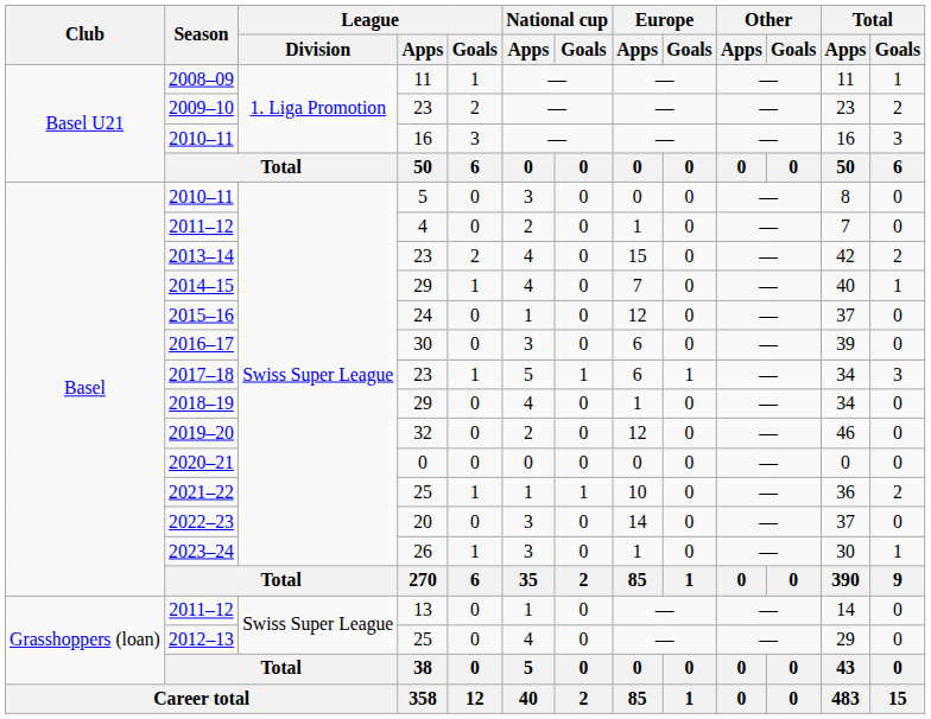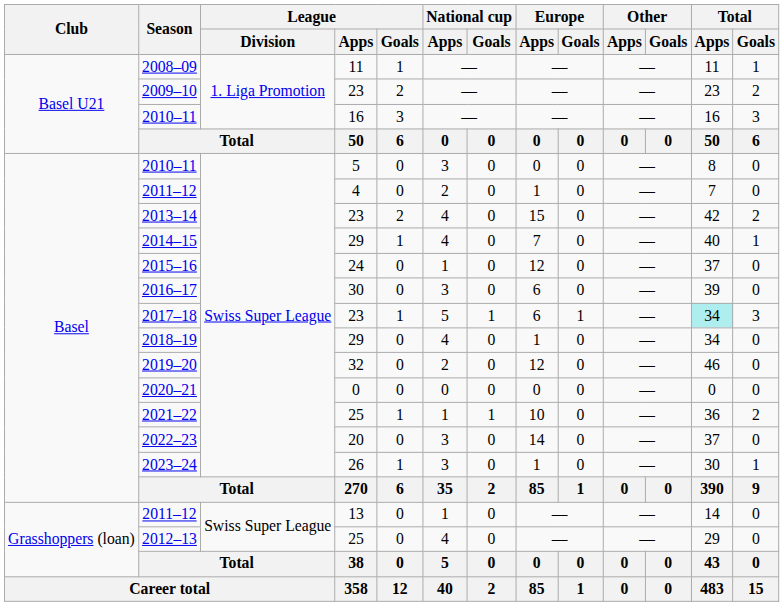 <table class="wikitable" style="text-align:center">
 <tr>
 <th rowspan="2">Club</th>
 <th rowspan="2">Season</th>
 <th colspan="3">League</th>
 <th colspan="2">National cup</th>
 <th colspan="2">Europe</th>
 <th colspan="2">Other</th>
 <th colspan="2">Total</th>
 </tr>
 <tr>
 <th>Division</th>
 <th>Apps</th>
 <th>Goals</th>
 <th>Apps</th>
 <th>Goals</th>
 <th>Apps</th>
 <th>Goals</th>
 <th>Apps</th>
 <th>Goals</th>
 <th>Apps</th>
 <th>Goals</th>
 </tr>
 <tr>
 <td rowspan="4"><a href='#'>Basel U21</a></td>
 <td><a href='#'>2008–09</a></td>
 <td rowspan="3"><a href='#'>1. Liga Promotion</a></td>
 <td>11</td>
 <td>1</td>
 <td colspan="2">—</td>
 <td colspan="2">—</td>
 <td colspan="2">—</td>
 <td>11</td>
 <td>1</td>
 </tr>
 <tr>
 <td><a href='#'>2009–10</a></td>
 <td>23</td>
 <td>2</td>
 <td colspan="2">—</td>
 <td colspan="2">—</td>
 <td colspan="2">—</td>
 <td>23</td>
 <td>2</td>
 </tr>
 <tr>
 <td><a href='#'>2010–11</a></td>
 <td>16</td>
 <td>3</td>
 <td colspan="2">—</td>
 <td colspan="2">—</td>
 <td colspan="2">—</td>
 <td>16</td>
 <td>3</td>
 </tr>
 <tr>
 <th colspan="2">Total</th>
 <th>50</th>
 <th>6</th>
 <th>0</th>
 <th>0</th>
 <th>0</th>
 <th>0</th>
 <th>0</th>
 <th>0</th>
 <th>50</th>
 <th>6</th>
 </tr>
 <tr>
 <td rowspan="14"><a href='#'>Basel</a></td>
 <td><a href='#'>2010–11</a></td>
 <td rowspan="13"><a href='#'>Swiss Super League</a></td>
 <td>5</td>
 <td>0</td>
 <td>3</td>
 <td>0</td>
 <td>0</td>
 <td>0</td>
 <td colspan="2">—</td>
 <td>8</td>
 <td>0</td>
 </tr>
 <tr>
 <td><a href='#'>2011–12</a></td>
 <td>4</td>
 <td>0</td>
 <td>2</td>
 <td>0</td>
 <td>1</td>
 <td>0</td>
 <td colspan="2">—</td>
 <td>7</td>
 <td>0</td>
 </tr>
 <tr>
 <td><a href='#'>2013–14</a></td>
 <td>23</td>
 <td>2</td>
 <td>4</td>
 <td>0</td>
 <td>15</td>
 <td>0</td>
 <td colspan="2">—</td>
 <td>42</td>
 <td>2</td>
 </tr>
 <tr>
 <td><a href='#'>2014–15</a></td>
 <td>29</td>
 <td>1</td>
 <td>4</td>
 <td>0</td>
 <td>7</td>
 <td>0</td>
 <td colspan="2">—</td>
 <td>40</td>
 <td>1</td>
 </tr>
 <tr>
 <td><a href='#'>2015–16</a></td>
 <td>24</td>
 <td>0</td>
 <td>1</td>
 <td>0</td>
 <td>12</td>
 <td>0</td>
 <td colspan="2">—</td>
 <td>37</td>
 <td>0</td>
 </tr>
 <tr>
 <td><a href='#'>2016–17</a></td>
 <td>30</td>
 <td>0</td>
 <td>3</td>
 <td>0</td>
 <td>6</td>
 <td>0</td>
 <td colspan="2">—</td>
 <td>39</td>
 <td>0</td>
 </tr>
 <tr>
 <td><a href='#'>2017–18</a></td>
 <td>23</td>
 <td>1</td>
 <td>5</td>
 <td>1</td>
 <td>6</td>
 <td>1</td>
 <td colspan="2">—</td>
-<td>34</td>
+<td style="background: paleturquoise;">34</td>
 <td>3</td>
 </tr>
 <tr>
 <td><a href='#'>2018–19</a></td>
 <td>29</td>
 <td>0</td>
 <td>4</td>
 <td>0</td>
 <td>1</td>
 <td>0</td>
 <td colspan="2">—</td>
 <td>34</td>
 <td>0</td>
 </tr>
 <tr>
 <td><a href='#'>2019–20</a></td>
 <td>32</td>
 <td>0</td>
 <td>2</td>
 <td>0</td>
 <td>12</td>
 <td>0</td>
 <td colspan="2">—</td>
 <td>46</td>
 <td>0</td>
 </tr>
 <tr>
 <td><a href='#'>2020–21</a></td>
 <td>0</td>
 <td>0</td>
 <td>0</td>
 <td>0</td>
 <td>0</td>
 <td>0</td>
 <td colspan="2">—</td>
 <td>0</td>
 <td>0</td>
 </tr>
 <tr>
 <td><a href='#'>2021–22</a></td>
 <td>25</td>
 <td>1</td>
 <td>1</td>
 <td>1</td>
 <td>10</td>
 <td>0</td>
 <td colspan="2">—</td>
 <td>36</td>
 <td>2</td>
 </tr>
 <tr>
 <td><a href='#'>2022–23</a></td>
 <td>20</td>
 <td>0</td>
 <td>3</td>
 <td>0</td>
 <td>14</td>
 <td>0</td>
 <td colspan="2">—</td>
 <td>37</td>
 <td>0</td>
 </tr>
 <tr>
 <td><a href='#'>2023–24</a></td>
 <td>26</td>
 <td>1</td>
 <td>3</td>
 <td>0</td>
 <td>1</td>
 <td>0</td>
 <td colspan="2">—</td>
 <td>30</td>
 <td>1</td>
 </tr>
 <tr>
 <th colspan="2">Total</th>
 <th>270</th>
 <th>6</th>
 <th>35</th>
 <th>2</th>
 <th>85</th>
 <th>1</th>
 <th>0</th>
 <th>0</th>
 <th>390</th>
 <th>9</th>
 </tr>
 <tr>
 <td rowspan="3"><a href='#'>Grasshoppers</a> (loan)</td>
 <td><a href='#'>2011–12</a></td>
 <td rowspan="2">Swiss Super League</td>
 <td>13</td>
 <td>0</td>
 <td>1</td>
 <td>0</td>
 <td colspan="2">—</td>
 <td colspan="2">—</td>
 <td>14</td>
 <td>0</td>
 </tr>
 <tr>
 <td><a href='#'>2012–13</a></td>
 <td>25</td>
 <td>0</td>
 <td>4</td>
 <td>0</td>
 <td colspan="2">—</td>
 <td colspan="2">—</td>
 <td>29</td>
 <td>0</td>
 </tr>
 <tr>
 <th colspan="2">Total</th>
 <th>38</th>
 <th>0</th>
 <th>5</th>
 <th>0</th>
 <th>0</th>
 <th>0</th>
 <th>0</th>
 <th>0</th>
 <th>43</th>
 <th>0</th>
 </tr>
 <tr>
 <th colspan="3">Career total</th>
 <th>358</th>
 <th>12</th>
 <th>40</th>
 <th>2</th>
 <th>85</th>
 <th>1</th>
 <th>0</th>
 <th>0</th>
 <th>483</th>
 <th>15</th>
 </tr>
 </table>
